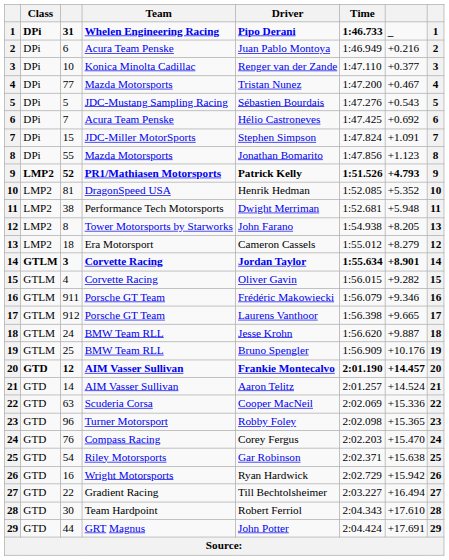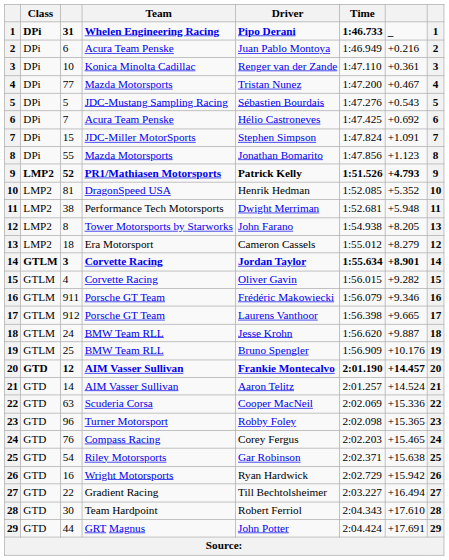 <table class="wikitable">
 <tr>
 <th scope="col"></th>
 <th scope="col">Class</th>
 <th scope="col"></th>
 <th scope="col">Team</th>
 <th scope="col">Driver</th>
 <th scope="col">Time</th>
 <th scope="col"></th>
 <th scope="col"></th>
 </tr>
 <tr style="font-weight:bold">
 <th scope="row">1</th>
 <td>DPi</td>
 <td>31</td>
 <td> <a href='#'>Whelen Engineering Racing</a></td>
 <td> <a href='#'>Pipo Derani</a></td>
 <td>1:46.733</td>
 <td>_</td>
 <th>1</th>
 </tr>
 <tr>
 <th scope="row">2</th>
 <td>DPi</td>
 <td>6</td>
 <td> <a href='#'>Acura Team Penske</a></td>
 <td> <a href='#'>Juan Pablo Montoya</a></td>
 <td>1:46.949</td>
 <td>+0.216</td>
 <th>2</th>
 </tr>
 <tr>
 <th scope="row">3</th>
 <td>DPi</td>
 <td>10</td>
 <td> <a href='#'>Konica Minolta Cadillac</a></td>
 <td> <a href='#'>Renger van der Zande</a></td>
 <td>1:47.110</td>
-<td>+0.377</td>
+<td>+0.361</td>
 <th>3</th>
 </tr>
 <tr>
 <th scope="row">4</th>
 <td>DPi</td>
 <td>77</td>
 <td> <a href='#'>Mazda Motorsports</a></td>
 <td> <a href='#'>Tristan Nunez</a></td>
 <td>1:47.200</td>
 <td>+0.467</td>
 <th>4</th>
 </tr>
 <tr>
 <th scope="row">5</th>
 <td>DPi</td>
 <td>5</td>
 <td> <a href='#'>JDC-Mustang Sampling Racing</a></td>
 <td> <a href='#'>Sébastien Bourdais</a></td>
 <td>1:47.276</td>
 <td>+0.543</td>
 <th>5</th>
 </tr>
 <tr>
 <th scope="row">6</th>
 <td>DPi</td>
 <td>7</td>
 <td> <a href='#'>Acura Team Penske</a></td>
 <td> <a href='#'>Hélio Castroneves</a></td>
 <td>1:47.425</td>
 <td>+0.692</td>
 <th>6</th>
 </tr>
 <tr>
 <th scope="row">7</th>
 <td>DPi</td>
 <td>15</td>
 <td> <a href='#'>JDC-Miller MotorSports</a></td>
 <td> <a href='#'>Stephen Simpson</a></td>
 <td>1:47.824</td>
 <td>+1.091</td>
 <th>7</th>
 </tr>
 <tr>
 <th scope="row">8</th>
 <td>DPi</td>
 <td>55</td>
 <td> <a href='#'>Mazda Motorsports</a></td>
 <td> <a href='#'>Jonathan Bomarito</a></td>
 <td>1:47.856</td>
 <td>+1.123</td>
 <th>8</th>
 </tr>
 <tr style="font-weight:bold">
 <th scope="row">9</th>
 <td>LMP2</td>
 <td>52</td>
 <td> <a href='#'>PR1/Mathiasen Motorsports</a></td>
 <td> Patrick Kelly</td>
 <td>1:51.526</td>
 <td>+4.793</td>
 <th>9</th>
 </tr>
 <tr>
 <th scope="row">10</th>
 <td>LMP2</td>
 <td>81</td>
 <td> <a href='#'>DragonSpeed USA</a></td>
 <td> Henrik Hedman</td>
 <td>1:52.085</td>
 <td>+5.352</td>
 <th>10</th>
 </tr>
 <tr>
 <th scope="row">11</th>
 <td>LMP2</td>
 <td>38</td>
 <td> Performance Tech Motorsports</td>
 <td> <a href='#'>Dwight Merriman</a></td>
 <td>1:52.681</td>
 <td>+5.948</td>
 <th>11</th>
 </tr>
 <tr>
 <th scope="row">12</th>
 <td>LMP2</td>
 <td>8</td>
 <td> <a href='#'>Tower Motorsports by Starworks</a></td>
 <td> <a href='#'>John Farano</a></td>
 <td>1:54.938</td>
 <td>+8.205</td>
 <th>13</th>
 </tr>
 <tr>
 <th scope="row">13</th>
 <td>LMP2</td>
 <td>18</td>
 <td> Era Motorsport</td>
 <td> Cameron Cassels</td>
 <td>1:55.012</td>
 <td>+8.279</td>
 <th>12</th>
 </tr>
 <tr style="font-weight:bold">
 <th scope="row">14</th>
 <td>GTLM</td>
 <td>3</td>
 <td> <a href='#'>Corvette Racing</a></td>
 <td> <a href='#'>Jordan Taylor</a></td>
 <td>1:55.634</td>
 <td>+8.901</td>
 <th>14</th>
 </tr>
 <tr>
 <th scope="row">15</th>
 <td>GTLM</td>
 <td>4</td>
 <td> <a href='#'>Corvette Racing</a></td>
 <td> <a href='#'>Oliver Gavin</a></td>
 <td>1:56.015</td>
 <td>+9.282</td>
 <th>15</th>
 </tr>
 <tr>
 <th scope="row">16</th>
 <td>GTLM</td>
 <td>911</td>
 <td> <a href='#'>Porsche GT Team</a></td>
 <td> <a href='#'>Frédéric Makowiecki</a></td>
 <td>1:56.079</td>
 <td>+9.346</td>
 <th>16</th>
 </tr>
 <tr>
 <th scope="row">17</th>
 <td>GTLM</td>
 <td>912</td>
 <td> <a href='#'>Porsche GT Team</a></td>
 <td> <a href='#'>Laurens Vanthoor</a></td>
 <td>1:56.398</td>
 <td>+9.665</td>
 <th>17</th>
 </tr>
 <tr>
 <th scope="row">18</th>
 <td>GTLM</td>
 <td>24</td>
 <td> <a href='#'>BMW Team RLL</a></td>
 <td> <a href='#'>Jesse Krohn</a></td>
 <td>1:56.620</td>
 <td>+9.887</td>
 <th>18</th>
 </tr>
 <tr>
 <th scope="row">19</th>
 <td>GTLM</td>
 <td>25</td>
 <td> <a href='#'>BMW Team RLL</a></td>
 <td> <a href='#'>Bruno Spengler</a></td>
 <td>1:56.909</td>
 <td>+10.176</td>
 <th>19</th>
 </tr>
 <tr style="font-weight:bold">
 <th scope="row">20</th>
 <td>GTD</td>
 <td>12</td>
 <td> <a href='#'>AIM Vasser Sullivan</a></td>
 <td> <a href='#'>Frankie Montecalvo</a></td>
 <td>2:01.190</td>
 <td>+14.457</td>
 <th>20</th>
 </tr>
 <tr>
 <th scope="row">21</th>
 <td>GTD</td>
 <td>14</td>
 <td> <a href='#'>AIM Vasser Sullivan</a></td>
 <td> <a href='#'>Aaron Telitz</a></td>
 <td>2:01.257</td>
 <td>+14.524</td>
 <th>21</th>
 </tr>
 <tr>
 <th scope="row">22</th>
 <td>GTD</td>
 <td>63</td>
 <td> <a href='#'>Scuderia Corsa</a></td>
 <td> <a href='#'>Cooper MacNeil</a></td>
 <td>2:02.069</td>
 <td>+15.336</td>
 <th>22</th>
 </tr>
 <tr>
 <th scope="row">23</th>
 <td>GTD</td>
 <td>96</td>
 <td> <a href='#'>Turner Motorsport</a></td>
 <td> <a href='#'>Robby Foley</a></td>
 <td>2:02.098</td>
 <td>+15.365</td>
 <th>23</th>
 </tr>
 <tr>
 <th scope="row">24</th>
 <td>GTD</td>
 <td>76</td>
 <td> <a href='#'>Compass Racing</a></td>
 <td> Corey Fergus</td>
 <td>2:02.203</td>
-<td>+15.470</td>
+<td>+15.465</td>
 <th>24</th>
 </tr>
 <tr>
 <th scope="row">25</th>
 <td>GTD</td>
 <td>54</td>
 <td> <a href='#'>Riley Motorsports</a></td>
 <td> <a href='#'>Gar Robinson</a></td>
 <td>2:02.371</td>
 <td>+15.638</td>
 <th>25</th>
 </tr>
 <tr>
 <th scope="row">26</th>
 <td>GTD</td>
 <td>16</td>
 <td> <a href='#'>Wright Motorsports</a></td>
 <td> Ryan Hardwick</td>
 <td>2:02.729</td>
 <td>+15.942</td>
 <th>26</th>
 </tr>
 <tr>
 <th scope="row">27</th>
 <td>GTD</td>
 <td>22</td>
 <td> Gradient Racing</td>
 <td> Till Bechtolsheimer</td>
 <td>2:03.227</td>
 <td>+16.494</td>
 <th>27</th>
 </tr>
 <tr>
 <th scope="row">28</th>
 <td>GTD</td>
 <td>30</td>
 <td> Team Hardpoint</td>
 <td> Robert Ferriol</td>
 <td>2:04.343</td>
 <td>+17.610</td>
 <th>28</th>
 </tr>
 <tr>
 <th scope="row">29</th>
 <td>GTD</td>
 <td>44</td>
 <td> <a href='#'>GRT</a> <a href='#'>Magnus</a></td>
 <td> <a href='#'>John Potter</a></td>
 <td>2:04.424</td>
 <td>+17.691</td>
 <th>29</th>
 </tr>
 <tr>
 <th colspan="8">Source:</th>
 </tr>
 </table>
